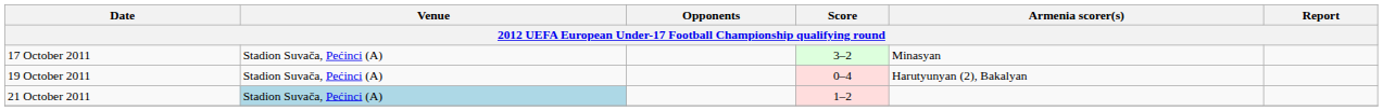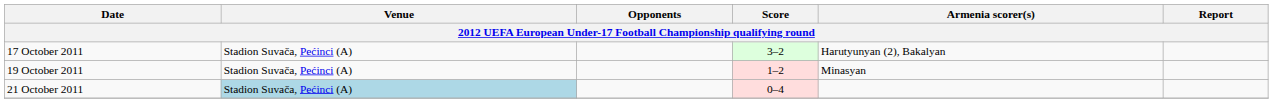 <table class="wikitable" width=85%; style="font-size:95%;">
 <tr>
 <th>Date</th>
 <th>Venue</th>
 <th>Opponents</th>
 <th>Score</th>
 <th>Armenia scorer(s)</th>
 <th>Report</th>
 </tr>
 <tr>
 <th colspan=7><a href='#'>2012 UEFA European Under-17 Football Championship qualifying round</a></th>
 </tr>
 <tr>
 <td>17 October 2011</td>
 <td>Stadion Suvača, <a href='#'>Pećinci</a> (A)</td>
 <td></td>
 <td align=center bgcolor=ddffdd>3–2</td>
-<td>Minasyan</td>
+<td>Harutyunyan (2), Bakalyan</td>
 <td></td>
 </tr>
 <tr>
 <td>19 October 2011</td>
 <td>Stadion Suvača, <a href='#'>Pećinci</a> (A)</td>
 <td></td>
-<td align=center bgcolor=ffdddd>0–4</td>
-<td>Harutyunyan (2), Bakalyan</td>
+<td align=center bgcolor=ffdddd>1–2</td>
+<td>Minasyan</td>
 <td></td>
 </tr>
 <tr>
 <td>21 October 2011</td>
 <td style="background: lightblue;">Stadion Suvača, <a href='#'>Pećinci</a> (A)</td>
 <td></td>
-<td align=center bgcolor=ffdddd>1–2</td>
+<td align=center bgcolor=ffdddd>0–4</td>
 <td></td>
 <td></td>
 </tr>
 <tr>
 </tr>
 </table>
